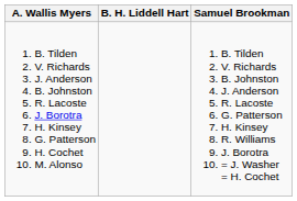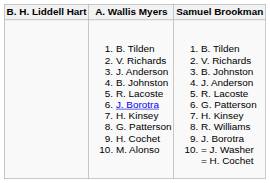 <table class="wikitable">
 <tr>
+<th>B. H. Liddell Hart</th>
 <th>A. Wallis Myers</th>
-<th>B. H. Liddell Hart</th>
 <th>Samuel Brookman</th>
 </tr>
 <tr style="vertical-align: top;">
+<td style="white-space: nowrap;"><br></td>
 <td style="white-space: nowrap;"><br><ol><li> B. Tilden</li><li> V. Richards</li><li> J. Anderson</li><li> B. Johnston</li><li> R. Lacoste</li><li> <a href='#'>J. Borotra</a></li><li> H. Kinsey</li><li> G. Patterson</li><li> H. Cochet</li><li> M. Alonso</li></ol></td>
-<td style="white-space: nowrap;"><br></td>
 <td style="white-space: nowrap;"><br><ol><li> B. Tilden</li><li> V. Richards</li><li> B. Johnston</li><li> J. Anderson</li><li> R. Lacoste</li><li> G. Patterson</li><li> H. Kinsey</li><li> R. Williams</li><li> J. Borotra</li><li>= J. Washer<br>= H. Cochet</li></ol></td>
 </tr>
 </table>
